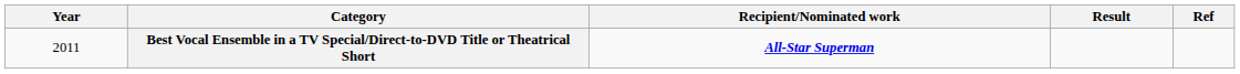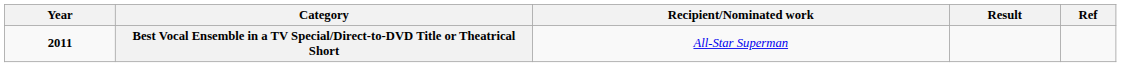 <table class="wikitable plainrowheaders" style="font-size: 90%; text-align:center" width=100%>
 <tr>
 <th scope="col" width="10%">Year</th>
 <th scope="col" width="37.5%">Category</th>
 <th scope="col" width="37.5%">Recipient/Nominated work</th>
 <th scope="col" width="10%">Result</th>
 <th scope="col" width="5%">Ref</th>
 </tr>
 <tr>
-<td>2011</td>
+<td><strong>2011</strong></td>
 <th scope="row" style="text-align:center">Best Vocal Ensemble in a TV Special/Direct-to-DVD Title or Theatrical Short</th>
-<td><strong><em><a href='#'>All-Star Superman</a></em></strong></td>
+<td><em><a href='#'>All-Star Superman</a></em></td>
 <td></td>
 <td></td>
 </tr>
 </table>
